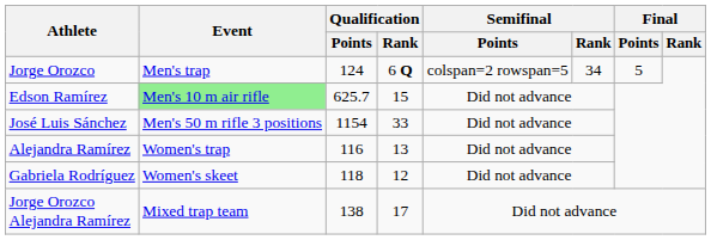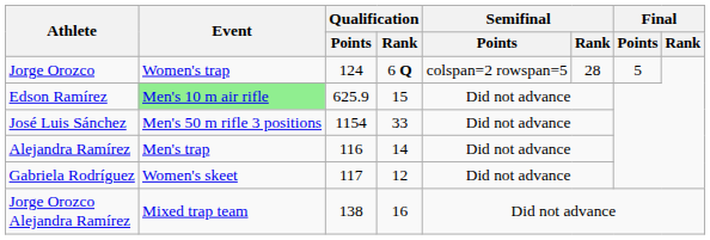 <table class="wikitable" style="font-size:90%">
 <tr>
 <th rowspan="2">Athlete</th>
 <th rowspan="2">Event</th>
 <th colspan=2>Qualification</th>
 <th colspan=2>Semifinal</th>
 <th colspan=2>Final</th>
 </tr>
 <tr style="font-size:95%">
 <th>Points</th>
 <th>Rank</th>
 <th>Points</th>
 <th>Rank</th>
 <th>Points</th>
 <th>Rank</th>
 </tr>
 <tr align=center>
 <td align=left><a href='#'>Jorge Orozco</a></td>
-<td align=left><a href='#'>Men's trap</a></td>
+<td align=left><a href='#'>Women's trap</a></td>
 <td>124</td>
 <td>6 <strong>Q</strong></td>
 <td>colspan=2 rowspan=5 </td>
-<td>34</td>
+<td>28</td>
 <td>5</td>
 </tr>
 <tr align=center>
 <td align=left><a href='#'>Edson Ramírez</a></td>
 <td align=left style="background: lightgreen;"><a href='#'>Men's 10 m air rifle</a></td>
-<td>625.7</td>
+<td>625.9</td>
 <td>15</td>
 <td colspan="2">Did not advance</td>
 </tr>
 <tr align=center>
 <td align=left><a href='#'>José Luis Sánchez</a></td>
 <td align=left><a href='#'>Men's 50 m rifle 3 positions</a></td>
 <td>1154</td>
 <td>33</td>
 <td colspan="2">Did not advance</td>
 </tr>
 <tr align=center>
 <td align=left><a href='#'>Alejandra Ramírez</a></td>
-<td align=left><a href='#'>Women's trap</a></td>
+<td align=left><a href='#'>Men's trap</a></td>
 <td>116</td>
-<td>13</td>
+<td>14</td>
 <td colspan=2>Did not advance</td>
 </tr>
 <tr align=center>
 <td align=left><a href='#'>Gabriela Rodríguez</a></td>
 <td align=left><a href='#'>Women's skeet</a></td>
-<td>118</td>
+<td>117</td>
 <td>12</td>
 <td colspan=2>Did not advance</td>
 </tr>
 <tr align=center>
 <td align=left><a href='#'>Jorge Orozco</a><br><a href='#'>Alejandra Ramírez</a></td>
 <td align=left><a href='#'>Mixed trap team</a></td>
 <td>138</td>
-<td>17</td>
+<td>16</td>
 <td colspan=4>Did not advance</td>
 </tr>
 </table>
